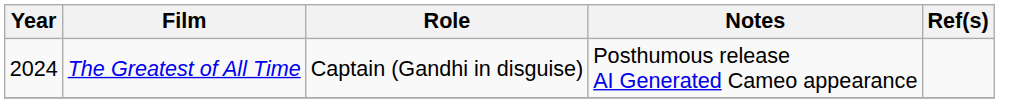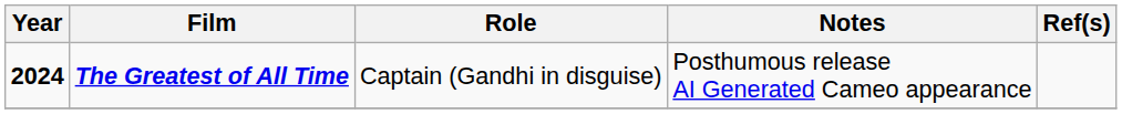 <table class="wikitable">
 <tr align="center">
 <th>Year</th>
 <th>Film</th>
 <th>Role</th>
 <th>Notes</th>
 <th>Ref(s)</th>
 </tr>
 <tr>
-<td>2024</td>
-<td><em><a href='#'>The Greatest of All Time </a></em></td>
+<td><strong>2024</strong></td>
+<td><strong><em><a href='#'>The Greatest of All Time </a></em></strong></td>
 <td>Captain (Gandhi in disguise)</td>
 <td>Posthumous release<br><a href='#'>AI Generated</a> Cameo appearance</td>
 <td></td>
 </tr>
 <tr>
 </tr>
 </table>
